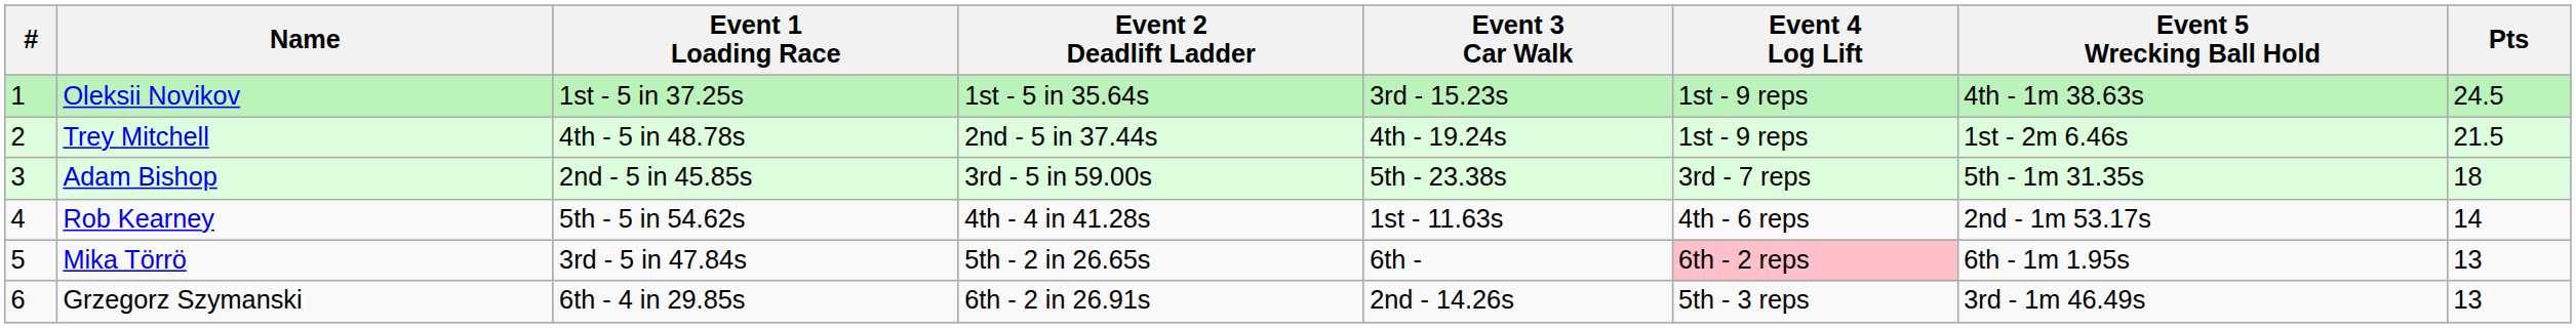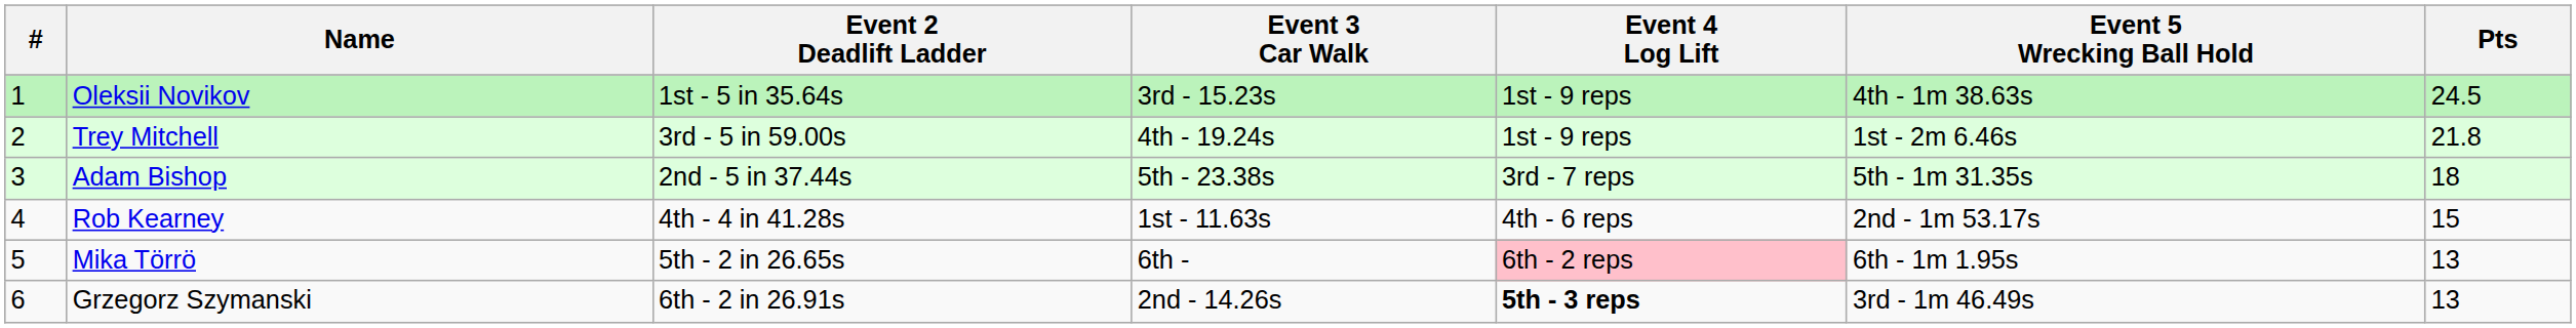 <table class="wikitable sortable" style="display: inline-table;width: 100%;">
 <tr>
 <th>#</th>
 <th>Name</th>
-<th>Event 1<br>Loading Race</th>
 <th>Event 2<br>Deadlift Ladder</th>
 <th>Event 3<br>Car Walk</th>
 <th>Event 4<br>Log Lift</th>
 <th>Event 5<br>Wrecking Ball Hold</th>
 <th>Pts</th>
 </tr>
 <tr bgcolor=bbf3bb>
 <td>1</td>
 <td> <a href='#'>Oleksii Novikov</a></td>
-<td>1st - 5 in 37.25s</td>
 <td>1st - 5 in 35.64s</td>
 <td>3rd - 15.23s</td>
 <td>1st - 9 reps</td>
 <td>4th - 1m 38.63s</td>
 <td>24.5</td>
 </tr>
 <tr bgcolor=ddffdd>
 <td>2</td>
 <td> <a href='#'>Trey Mitchell</a></td>
-<td>4th - 5 in 48.78s</td>
-<td>2nd - 5 in 37.44s</td>
+<td>3rd - 5 in 59.00s</td>
 <td>4th - 19.24s</td>
 <td>1st - 9 reps</td>
 <td>1st - 2m 6.46s</td>
-<td>21.5</td>
+<td>21.8</td>
 </tr>
 <tr bgcolor=ddffdd>
 <td>3</td>
 <td> <a href='#'>Adam Bishop</a></td>
-<td>2nd - 5 in 45.85s</td>
-<td>3rd - 5 in 59.00s</td>
+<td>2nd - 5 in 37.44s</td>
 <td>5th - 23.38s</td>
 <td>3rd - 7 reps</td>
 <td>5th - 1m 31.35s</td>
 <td>18</td>
 </tr>
 <tr>
 <td>4</td>
 <td> <a href='#'>Rob Kearney</a></td>
-<td>5th - 5 in 54.62s</td>
 <td>4th - 4 in 41.28s</td>
 <td>1st - 11.63s</td>
 <td>4th - 6 reps</td>
 <td>2nd - 1m 53.17s</td>
-<td>14</td>
+<td>15</td>
 </tr>
 <tr>
 <td>5</td>
 <td> <a href='#'>Mika Törrö</a></td>
-<td>3rd - 5 in 47.84s</td>
 <td>5th - 2 in 26.65s</td>
 <td>6th - </td>
 <td style="background: pink;">6th - 2 reps</td>
 <td>6th - 1m 1.95s</td>
 <td>13</td>
 </tr>
 <tr>
 <td>6</td>
 <td> Grzegorz Szymanski</td>
-<td>6th - 4 in 29.85s</td>
 <td>6th - 2 in 26.91s</td>
 <td>2nd - 14.26s</td>
-<td>5th - 3 reps</td>
+<td><strong>5th - 3 reps</strong></td>
 <td>3rd - 1m 46.49s</td>
 <td>13</td>
 </tr>
 </table>
